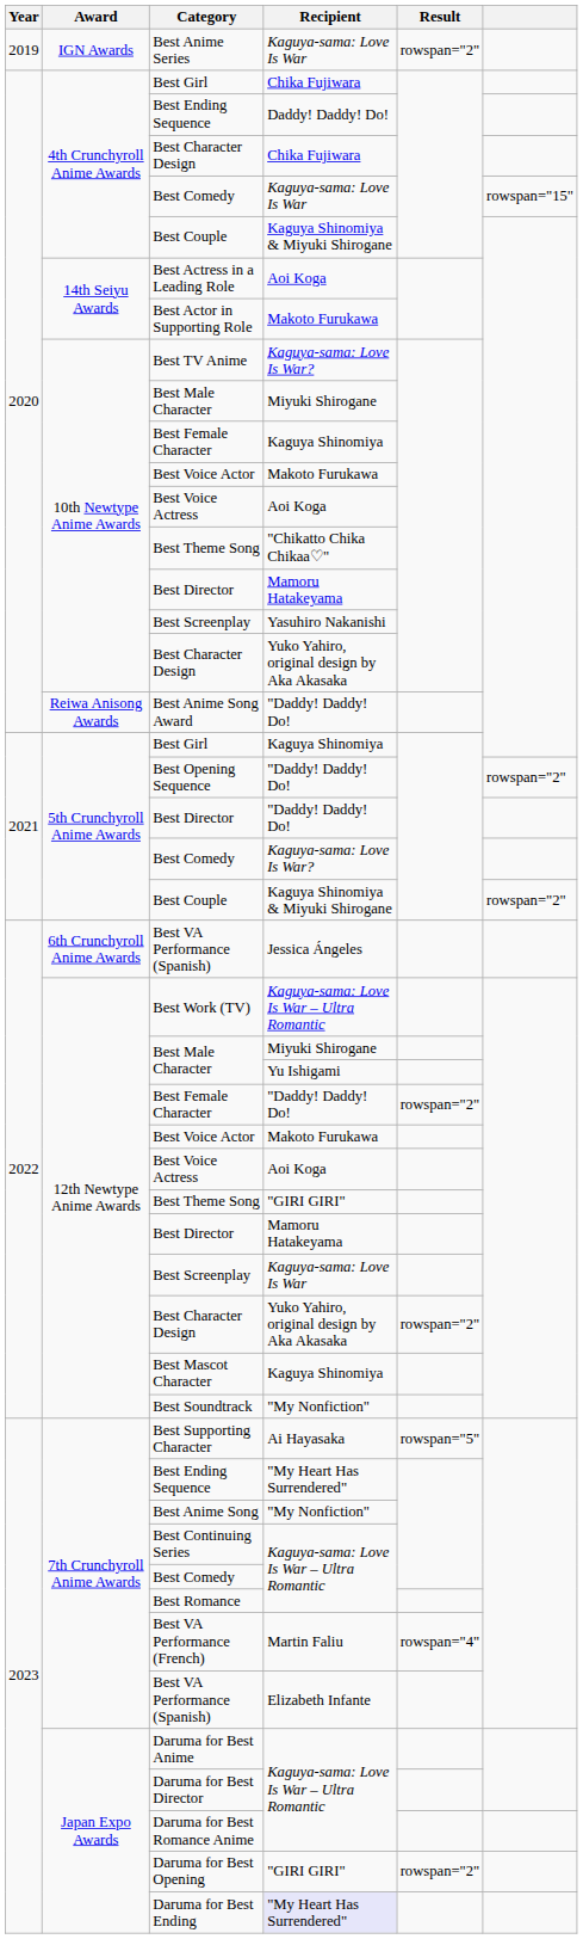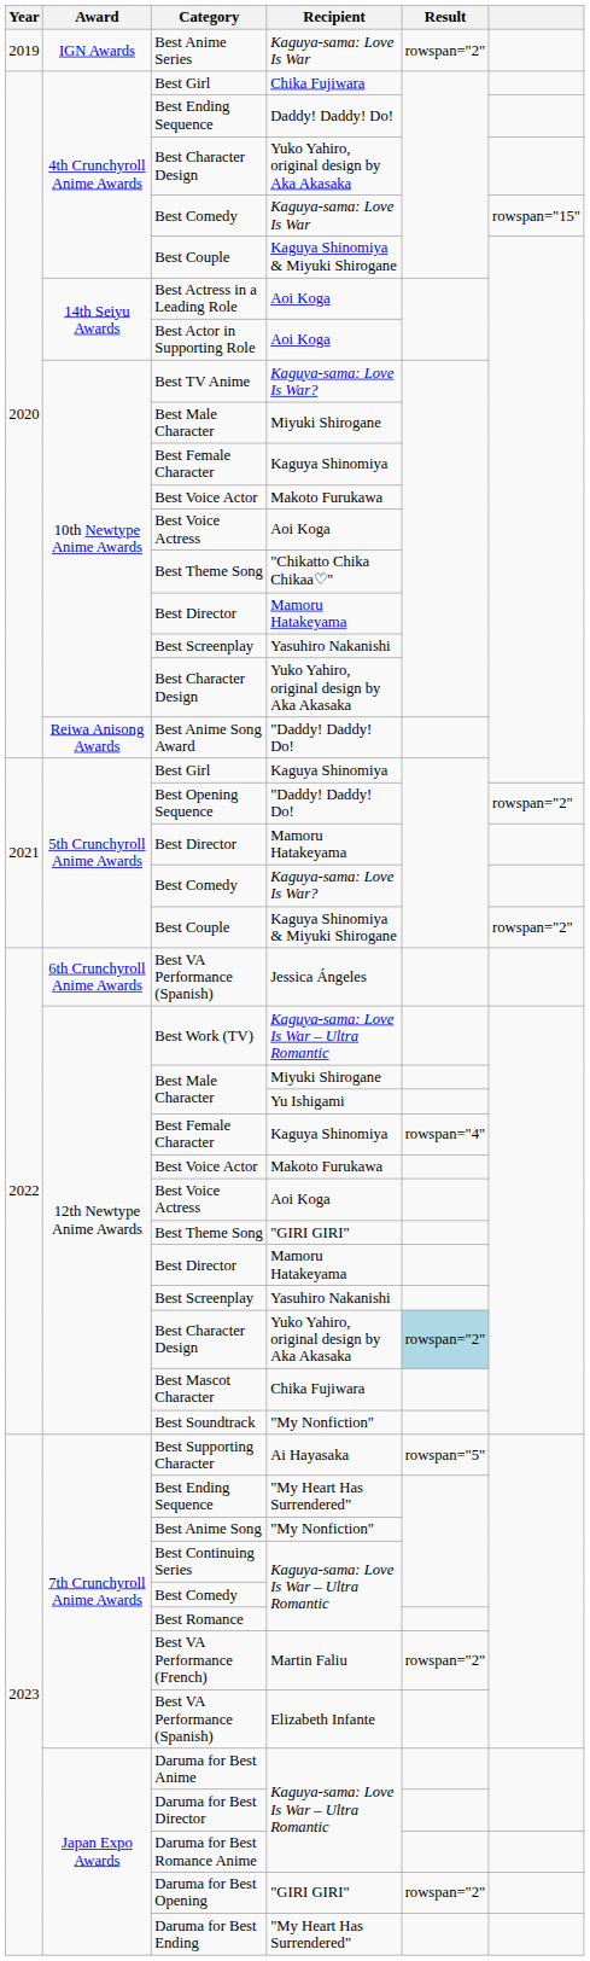 <table class="wikitable plainrowheaders sortable">
 <tr>
 <th scope="col">Year</th>
 <th scope="col">Award</th>
 <th scope="col">Category</th>
 <th scope="col">Recipient</th>
 <th scope="col">Result</th>
 <th scope="col" class="unsortable"></th>
 </tr>
 <tr>
 <td align="center">2019</td>
 <td align="center"><a href='#'>IGN Awards</a></td>
 <td>Best Anime Series</td>
 <td><em>Kaguya-sama: Love Is War</em></td>
 <td>rowspan="2" </td>
 <td style="text-align:center;"></td>
 </tr>
 <tr>
 <td rowspan="17" align="center">2020</td>
 <td rowspan="5" align="center"><a href='#'>4th Crunchyroll Anime Awards</a></td>
 <td>Best Girl</td>
 <td><a href='#'>Chika Fujiwara</a></td>
 <td rowspan="5" style="text-align:center;"></td>
 </tr>
 <tr>
 <td>Best Ending Sequence</td>
 <td>Daddy! Daddy! Do! </td>
 <td></td>
 </tr>
 <tr>
 <td>Best Character Design</td>
-<td><a href='#'>Chika Fujiwara</a></td>
+<td>Yuko Yahiro, original design by <a href='#'>Aka Akasaka</a></td>
 <td></td>
 </tr>
 <tr>
 <td>Best Comedy</td>
 <td><em>Kaguya-sama: Love Is War</em></td>
 <td>rowspan="15" </td>
 </tr>
 <tr>
 <td>Best Couple</td>
 <td><a href='#'>Kaguya Shinomiya</a> & Miyuki Shirogane</td>
 </tr>
 <tr>
 <td rowspan="2" align="center"><a href='#'>14th Seiyu Awards</a></td>
 <td>Best Actress in a Leading Role</td>
 <td><a href='#'>Aoi Koga</a> </td>
 <td rowspan="2" style="text-align:center;"></td>
 </tr>
 <tr>
 <td>Best Actor in Supporting Role</td>
-<td><a href='#'>Makoto Furukawa</a> </td>
+<td><a href='#'>Aoi Koga</a> </td>
 </tr>
 <tr>
 <td rowspan="9" align="center">10th <a href='#'>Newtype Anime Awards</a></td>
 <td>Best TV Anime</td>
 <td><em><a href='#'>Kaguya-sama: Love Is War?</a></em></td>
 <td rowspan="9" style="text-align:center;"></td>
 </tr>
 <tr>
 <td>Best Male Character</td>
 <td>Miyuki Shirogane</td>
 </tr>
 <tr>
 <td>Best Female Character</td>
 <td>Kaguya Shinomiya</td>
 </tr>
 <tr>
 <td>Best Voice Actor</td>
 <td>Makoto Furukawa</td>
 </tr>
 <tr>
 <td>Best Voice Actress</td>
 <td>Aoi Koga</td>
 </tr>
 <tr>
 <td>Best Theme Song</td>
 <td>"Chikatto Chika Chikaa♡" </td>
 </tr>
 <tr>
 <td>Best Director</td>
 <td><a href='#'>Mamoru Hatakeyama</a></td>
 </tr>
 <tr>
 <td>Best Screenplay</td>
 <td>Yasuhiro Nakanishi</td>
 </tr>
 <tr>
 <td>Best Character Design</td>
 <td>Yuko Yahiro, original design by Aka Akasaka</td>
 </tr>
 <tr>
 <td align="center"><a href='#'>Reiwa Anisong Awards</a></td>
 <td>Best Anime Song Award</td>
 <td>"Daddy! Daddy! Do! </td>
 <td style="text-align:center;"></td>
 </tr>
 <tr>
 <td rowspan="5" align="center">2021</td>
 <td rowspan="5" align="center"><a href='#'>5th Crunchyroll Anime Awards</a></td>
 <td>Best Girl</td>
 <td>Kaguya Shinomiya</td>
 <td rowspan="5" style="text-align:center;"></td>
 </tr>
 <tr>
 <td>Best Opening Sequence</td>
 <td>"Daddy! Daddy! Do! </td>
 <td>rowspan="2" </td>
 </tr>
 <tr>
 <td>Best Director</td>
-<td>"Daddy! Daddy! Do! </td>
+<td>Mamoru Hatakeyama</td>
 </tr>
 <tr>
 <td>Best Comedy</td>
 <td><em>Kaguya-sama: Love Is War?</em></td>
 <td></td>
 </tr>
 <tr>
 <td>Best Couple</td>
 <td>Kaguya Shinomiya & Miyuki Shirogane</td>
 <td>rowspan="2" </td>
 </tr>
 <tr>
 <td rowspan="13" align="center">2022</td>
 <td align="center"><a href='#'>6th Crunchyroll Anime Awards</a></td>
 <td>Best VA Performance (Spanish)</td>
 <td>Jessica Ángeles </td>
 <td style="text-align:center;"></td>
 </tr>
 <tr>
 <td rowspan="12" align="center">12th Newtype Anime Awards</td>
 <td>Best Work (TV)</td>
 <td><em><a href='#'>Kaguya-sama: Love Is War – Ultra Romantic</a></em></td>
 <td></td>
 <td rowspan="12" style="text-align:center;"></td>
 </tr>
 <tr>
 <td rowspan="2">Best Male Character</td>
 <td>Miyuki Shirogane</td>
 <td></td>
 </tr>
 <tr>
 <td>Yu Ishigami</td>
 <td></td>
 </tr>
 <tr>
 <td>Best Female Character</td>
-<td>"Daddy! Daddy! Do! </td>
-<td>rowspan="2" </td>
+<td>Kaguya Shinomiya</td>
+<td>rowspan="4" </td>
 </tr>
 <tr>
 <td>Best Voice Actor</td>
 <td>Makoto Furukawa</td>
 </tr>
 <tr>
 <td>Best Voice Actress</td>
 <td>Aoi Koga</td>
 <td></td>
 </tr>
 <tr>
 <td>Best Theme Song</td>
 <td>"GIRI GIRI" </td>
 <td></td>
 </tr>
 <tr>
 <td>Best Director</td>
 <td>Mamoru Hatakeyama</td>
 <td></td>
 </tr>
 <tr>
 <td>Best Screenplay</td>
-<td><em>Kaguya-sama: Love Is War</em></td>
+<td>Yasuhiro Nakanishi</td>
 <td></td>
 </tr>
 <tr>
 <td>Best Character Design</td>
 <td>Yuko Yahiro, original design by Aka Akasaka</td>
-<td>rowspan="2" </td>
+<td style="background: lightblue;">rowspan="2" </td>
 </tr>
 <tr>
 <td>Best Mascot Character</td>
-<td>Kaguya Shinomiya</td>
+<td>Chika Fujiwara</td>
 </tr>
 <tr>
 <td>Best Soundtrack</td>
 <td>"My Nonfiction" </td>
 <td></td>
 </tr>
 <tr>
 <td rowspan="13" align="center">2023</td>
 <td rowspan="8" align="center"><a href='#'>7th Crunchyroll Anime Awards</a></td>
 <td>Best Supporting Character</td>
 <td>Ai Hayasaka</td>
 <td>rowspan="5" </td>
 <td rowspan="8" style="text-align:center;"></td>
 </tr>
 <tr>
 <td>Best Ending Sequence</td>
 <td>"My Heart Has Surrendered" </td>
 </tr>
 <tr>
 <td>Best Anime Song</td>
 <td>"My Nonfiction" </td>
 </tr>
 <tr>
 <td>Best Continuing Series</td>
 <td rowspan="3"><em>Kaguya-sama: Love Is War – Ultra Romantic</em></td>
 </tr>
 <tr>
 <td>Best Comedy</td>
 </tr>
 <tr>
 <td>Best Romance</td>
 <td></td>
 </tr>
 <tr>
 <td>Best VA Performance (French)</td>
 <td>Martin Faliu </td>
-<td>rowspan="4" </td>
+<td>rowspan="2" </td>
 </tr>
 <tr>
 <td>Best VA Performance (Spanish)</td>
 <td>Elizabeth Infante </td>
 </tr>
 <tr>
 <td rowspan="5" align="center"><a href='#'>Japan Expo Awards</a></td>
 <td>Daruma for Best Anime</td>
 <td rowspan="3"><em>Kaguya-sama: Love Is War – Ultra Romantic</em></td>
 <td style="text-align:center;"></td>
 </tr>
 <tr>
 <td>Daruma for Best Director</td>
 <td style="text-align:center;"></td>
 </tr>
 <tr>
 <td>Daruma for Best Romance Anime</td>
 <td></td>
 <td style="text-align:center;"></td>
 </tr>
 <tr>
 <td>Daruma for Best Opening</td>
 <td>"GIRI GIRI" </td>
 <td>rowspan="2" </td>
 <td style="text-align:center;"></td>
 </tr>
 <tr>
 <td>Daruma for Best Ending</td>
-<td style="background: lavender;">"My Heart Has Surrendered" </td>
+<td>"My Heart Has Surrendered" </td>
 <td style="text-align:center;"></td>
 </tr>
 </table>
